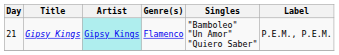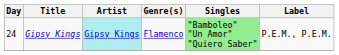 <table class="wikitable sortable" style="text-align: left;">
 <tr>
 <th>Day</th>
 <th>Title</th>
 <th>Artist</th>
 <th>Genre(s)</th>
 <th>Singles</th>
 <th>Label</th>
 </tr>
 <tr>
-<td>21</td>
+<td>24</td>
 <td><em><a href='#'>Gipsy Kings</a></em></td>
 <td style="background: paleturquoise;"><a href='#'>Gipsy Kings</a></td>
 <td><a href='#'>Flamenco</a></td>
-<td>"Bamboleo"<br>"Un Amor"<br>"Quiero Saber"</td>
+<td style="background: lightgreen;">"Bamboleo"<br>"Un Amor"<br>"Quiero Saber"</td>
 <td>P.E.M., P.E.M.</td>
 </tr>
 <tr>
 </tr>
 </table>
